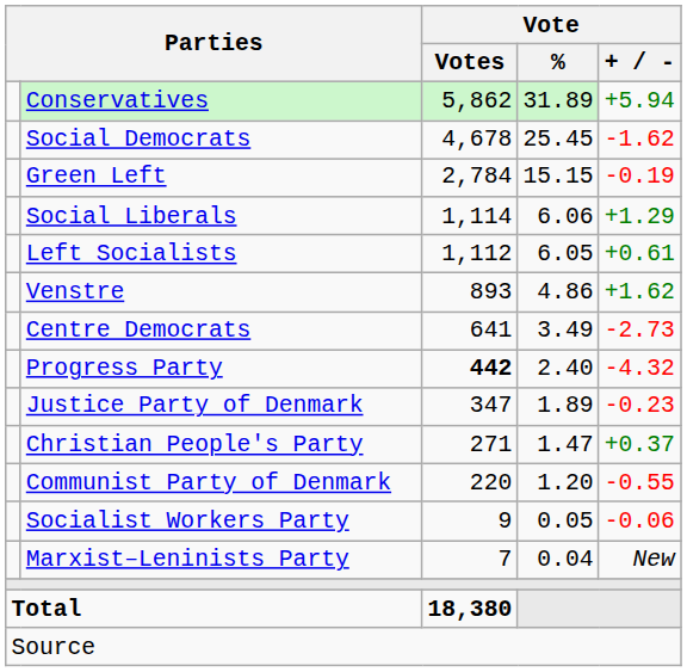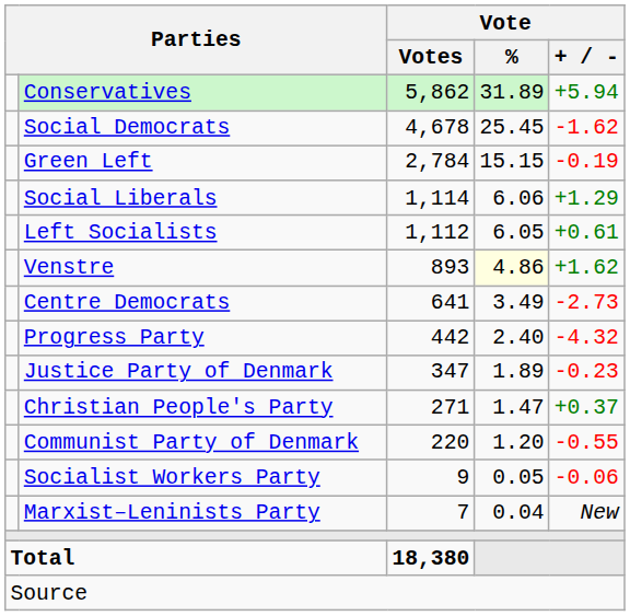 <table class="wikitable" style="text-align:right;">
 <tr>
 <th style="text-align:centre;" rowspan="2" colspan="2" width="225">Parties</th>
 <th colspan="3">Vote</th>
 </tr>
 <tr>
 <th width="15">Votes</th>
 <th width="15">%</th>
 <th width="15">+ / -</th>
 </tr>
 <tr>
 <td width="2" style="color:inherit;background:"></td>
 <td bgcolor=#ccf7cc  align="left"><a href='#'>Conservatives</a></td>
 <td bgcolor=#ccf7cc>5,862</td>
 <td bgcolor=#ccf7cc>31.89</td>
 <td style=color:green;>+5.94</td>
 </tr>
 <tr>
 <td width="2" style="color:inherit;background:"></td>
 <td align="left"><a href='#'>Social Democrats</a></td>
 <td>4,678</td>
 <td>25.45</td>
 <td style=color:red;>-1.62</td>
 </tr>
 <tr>
 <td width="2" style="color:inherit;background:"></td>
 <td align="left"><a href='#'>Green Left</a></td>
 <td>2,784</td>
 <td>15.15</td>
 <td style=color:red;>-0.19</td>
 </tr>
 <tr>
 <td width="2" style="color:inherit;background:"></td>
 <td align="left"><a href='#'>Social Liberals</a></td>
 <td>1,114</td>
 <td>6.06</td>
 <td style=color:green;>+1.29</td>
 </tr>
 <tr>
 <td width="2" style="color:inherit;background:"></td>
 <td align="left"><a href='#'>Left Socialists</a></td>
 <td>1,112</td>
 <td>6.05</td>
 <td style=color:green;>+0.61</td>
 </tr>
 <tr>
 <td width="2" style="color:inherit;background:"></td>
 <td align="left"><a href='#'>Venstre</a></td>
 <td>893</td>
-<td>4.86</td>
+<td style="background: lightyellow;">4.86</td>
 <td style=color:green;>+1.62</td>
 </tr>
 <tr>
 <td width="2" style="color:inherit;background:"></td>
 <td align="left"><a href='#'>Centre Democrats</a></td>
 <td>641</td>
 <td>3.49</td>
 <td style=color:red;>-2.73</td>
 </tr>
 <tr>
 <td width="2" style="color:inherit;background:"></td>
 <td align="left"><a href='#'>Progress Party</a></td>
-<td><strong>442</strong></td>
+<td>442</td>
 <td>2.40</td>
 <td style=color:red;>-4.32</td>
 </tr>
 <tr>
 <td width="2" style="color:inherit;background:"></td>
 <td align="left"><a href='#'>Justice Party of Denmark</a></td>
 <td>347</td>
 <td>1.89</td>
 <td style=color:red;>-0.23</td>
 </tr>
 <tr>
 <td width="2" style="color:inherit;background:"></td>
 <td align="left"><a href='#'>Christian People's Party</a></td>
 <td>271</td>
 <td>1.47</td>
 <td style=color:green;>+0.37</td>
 </tr>
 <tr>
 <td width="2" style="color:inherit;background:"></td>
 <td align="left"><a href='#'>Communist Party of Denmark</a></td>
 <td>220</td>
 <td>1.20</td>
 <td style=color:red;>-0.55</td>
 </tr>
 <tr>
 <td width="2" style="color:inherit;background:"></td>
 <td align="left"><a href='#'>Socialist Workers Party</a></td>
 <td>9</td>
 <td>0.05</td>
 <td style=color:red;>-0.06</td>
 </tr>
 <tr>
 <td width="2" style="color:inherit;background:"></td>
 <td align="left"><a href='#'>Marxist–Leninists Party</a></td>
 <td>7</td>
 <td>0.04</td>
 <td><em>New</em></td>
 </tr>
 <tr>
 <td colspan="7" bgcolor="#E9E9E9"></td>
 </tr>
 <tr>
 <td align="left" colspan="2"><strong>Total</strong></td>
 <td><strong>18,380</strong></td>
 <td bgcolor="#E9E9E9" colspan="2"></td>
 </tr>
 <tr>
 <td align="left" colspan="6">Source</td>
 </tr>
 </table>
